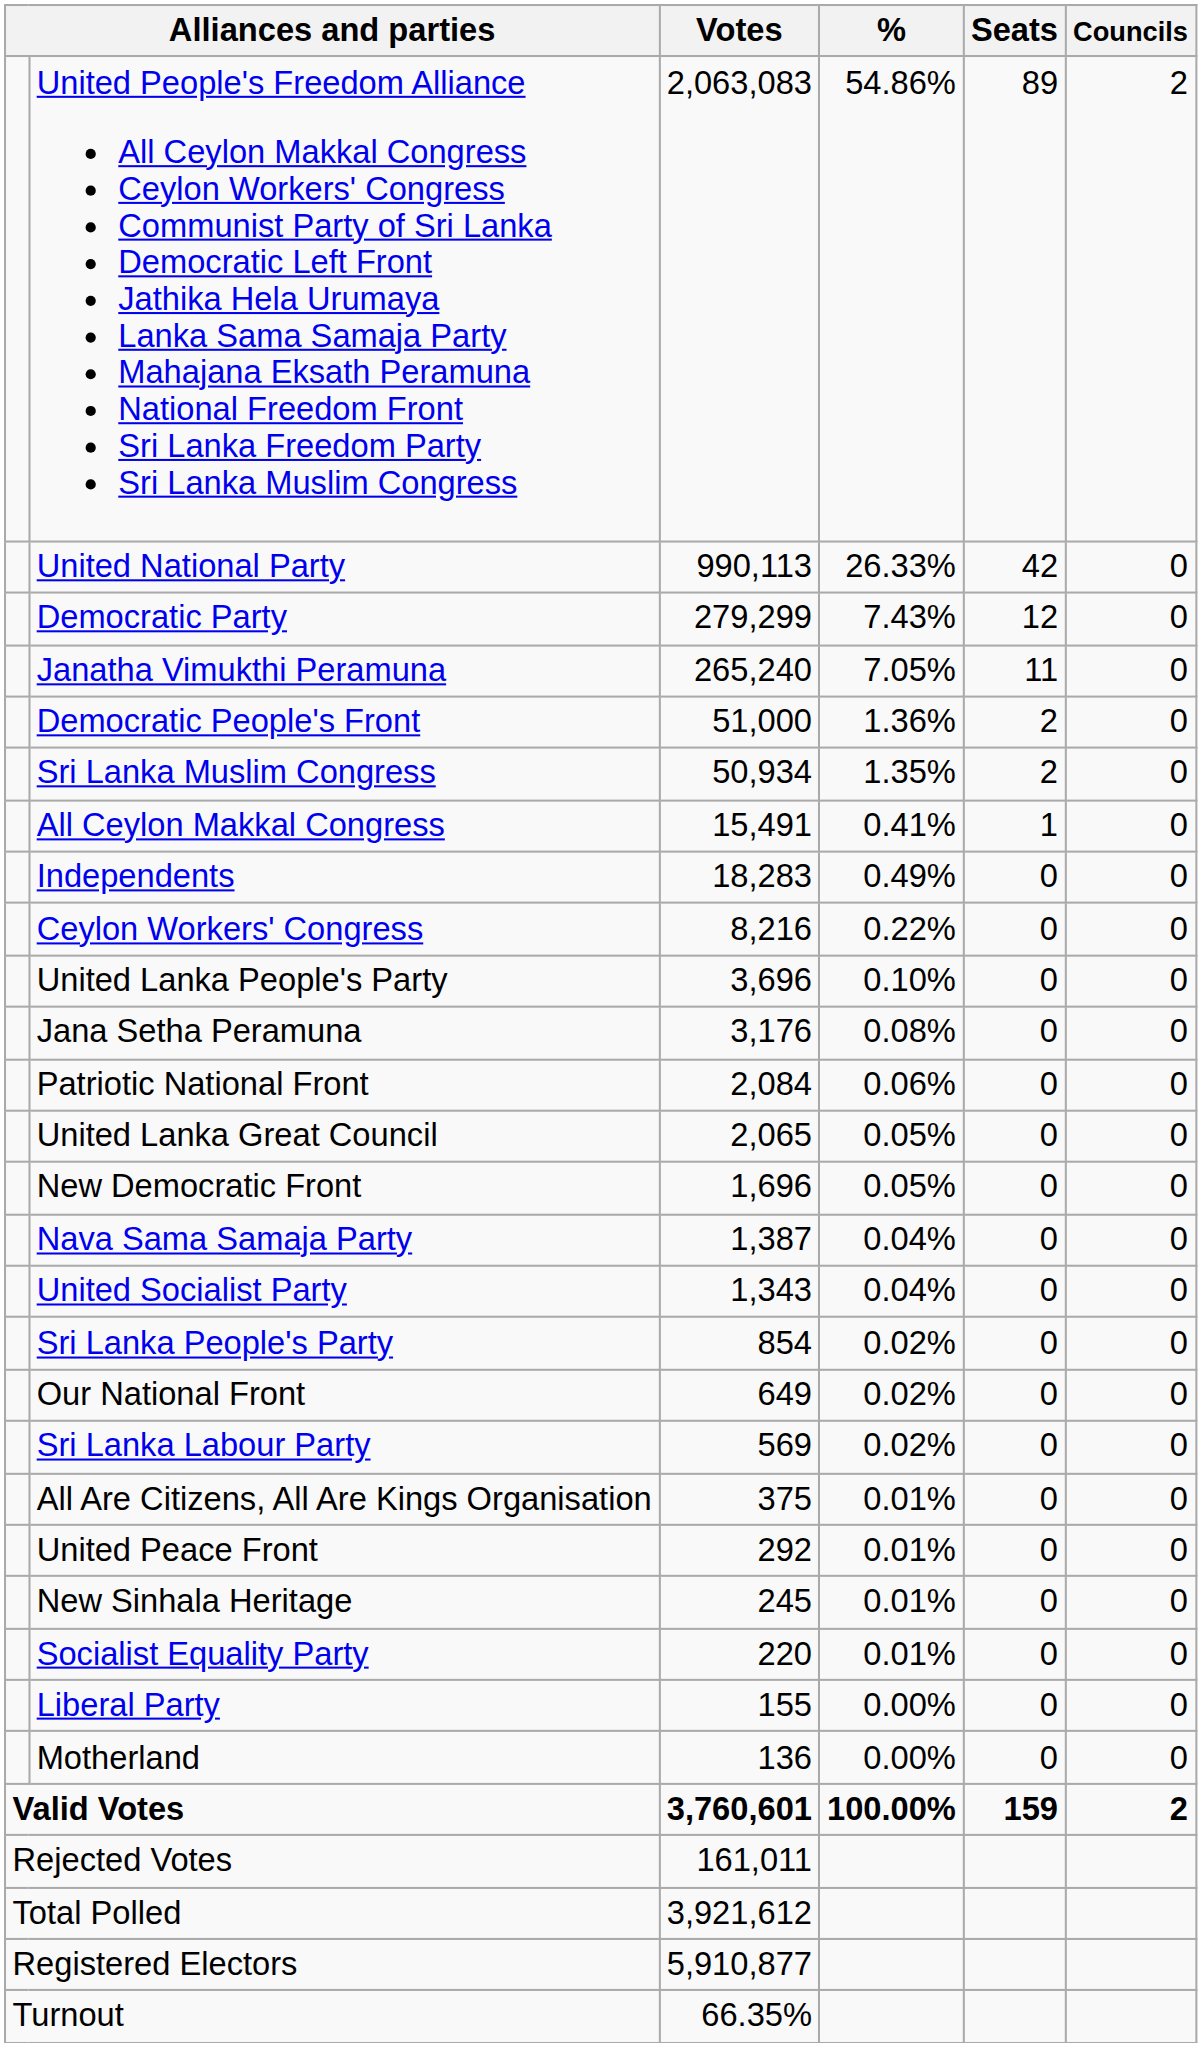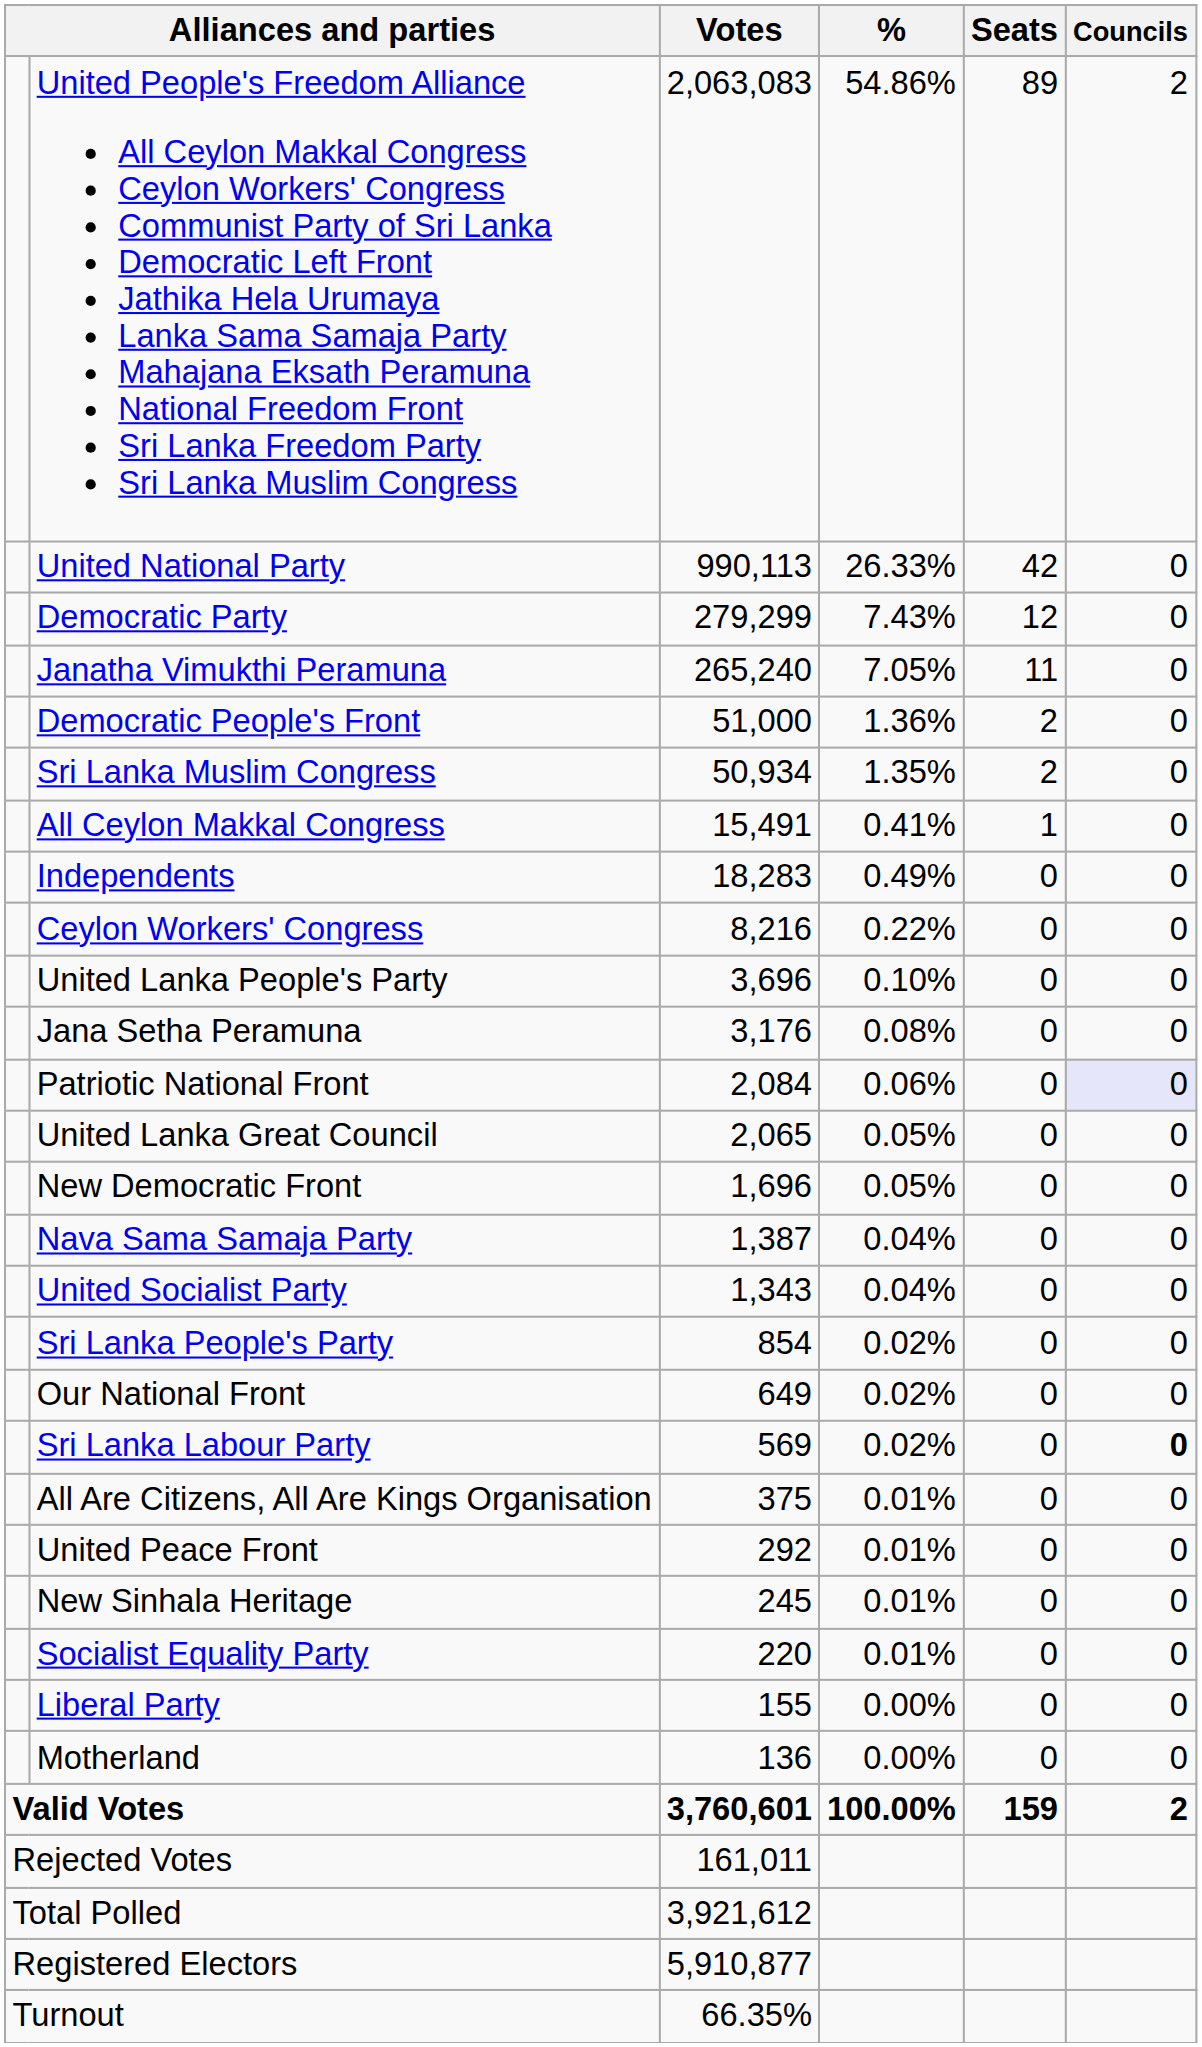 <table class="wikitable" border="1" style="text-align:right;">
 <tr>
 <th colspan=2>Alliances and parties</th>
 <th width="60">Votes</th>
 <th width="50">%</th>
 <th>Seats</th>
 <th><small>Councils</small></th>
 </tr>
 <tr valign=top>
 <td bgcolor=> </td>
 <td align=left><a href='#'>United People's Freedom Alliance</a><br><ul><li><a href='#'>All Ceylon Makkal Congress</a></li><li><a href='#'>Ceylon Workers' Congress</a></li><li><a href='#'>Communist Party of Sri Lanka</a></li><li><a href='#'>Democratic Left Front</a></li><li><a href='#'>Jathika Hela Urumaya</a></li><li><a href='#'>Lanka Sama Samaja Party</a></li><li><a href='#'>Mahajana Eksath Peramuna</a></li><li><a href='#'>National Freedom Front</a></li><li><a href='#'>Sri Lanka Freedom Party</a></li><li><a href='#'>Sri Lanka Muslim Congress</a></li></ul></td>
 <td>2,063,083</td>
 <td>54.86%</td>
 <td>89</td>
 <td>2</td>
 </tr>
 <tr>
 <td bgcolor=> </td>
 <td align=left><a href='#'>United National Party</a></td>
 <td>990,113</td>
 <td>26.33%</td>
 <td>42</td>
 <td>0</td>
 </tr>
 <tr>
 <td bgcolor=> </td>
 <td align=left><a href='#'>Democratic Party</a></td>
 <td>279,299</td>
 <td>7.43%</td>
 <td>12</td>
 <td>0</td>
 </tr>
 <tr>
 <td bgcolor=> </td>
 <td align=left><a href='#'>Janatha Vimukthi Peramuna</a></td>
 <td>265,240</td>
 <td>7.05%</td>
 <td>11</td>
 <td>0</td>
 </tr>
 <tr>
 <td bgcolor=> </td>
 <td align=left><a href='#'>Democratic People's Front</a></td>
 <td>51,000</td>
 <td>1.36%</td>
 <td>2</td>
 <td>0</td>
 </tr>
 <tr>
 <td bgcolor=> </td>
 <td align=left><a href='#'>Sri Lanka Muslim Congress</a></td>
 <td>50,934</td>
 <td>1.35%</td>
 <td>2</td>
 <td>0</td>
 </tr>
 <tr>
 <td bgcolor=> </td>
 <td align=left><a href='#'>All Ceylon Makkal Congress</a></td>
 <td>15,491</td>
 <td>0.41%</td>
 <td>1</td>
 <td>0</td>
 </tr>
 <tr>
 <td bgcolor=> </td>
 <td align=left><a href='#'>Independents</a></td>
 <td>18,283</td>
 <td>0.49%</td>
 <td>0</td>
 <td>0</td>
 </tr>
 <tr>
 <td bgcolor=> </td>
 <td align=left><a href='#'>Ceylon Workers' Congress</a></td>
 <td>8,216</td>
 <td>0.22%</td>
 <td>0</td>
 <td>0</td>
 </tr>
 <tr>
 <td></td>
 <td align=left>United Lanka People's Party</td>
 <td>3,696</td>
 <td>0.10%</td>
 <td>0</td>
 <td>0</td>
 </tr>
 <tr>
 <td></td>
 <td align=left>Jana Setha Peramuna</td>
 <td>3,176</td>
 <td>0.08%</td>
 <td>0</td>
 <td>0</td>
 </tr>
 <tr>
 <td></td>
 <td align=left>Patriotic National Front</td>
 <td>2,084</td>
 <td>0.06%</td>
 <td>0</td>
-<td>0</td>
+<td style="background: lavender;">0</td>
 </tr>
 <tr>
 <td></td>
 <td align=left>United Lanka Great Council</td>
 <td>2,065</td>
 <td>0.05%</td>
 <td>0</td>
 <td>0</td>
 </tr>
 <tr>
 <td></td>
 <td align=left>New Democratic Front</td>
 <td>1,696</td>
 <td>0.05%</td>
 <td>0</td>
 <td>0</td>
 </tr>
 <tr>
 <td bgcolor=> </td>
 <td align=left><a href='#'>Nava Sama Samaja Party</a></td>
 <td>1,387</td>
 <td>0.04%</td>
 <td>0</td>
 <td>0</td>
 </tr>
 <tr>
 <td bgcolor=> </td>
 <td align=left><a href='#'>United Socialist Party</a></td>
 <td>1,343</td>
 <td>0.04%</td>
 <td>0</td>
 <td>0</td>
 </tr>
 <tr>
 <td></td>
 <td align=left><a href='#'>Sri Lanka People's Party</a></td>
 <td>854</td>
 <td>0.02%</td>
 <td>0</td>
 <td>0</td>
 </tr>
 <tr>
 <td></td>
 <td align=left>Our National Front</td>
 <td>649</td>
 <td>0.02%</td>
 <td>0</td>
 <td>0</td>
 </tr>
 <tr>
 <td></td>
 <td align=left><a href='#'>Sri Lanka Labour Party</a></td>
 <td>569</td>
 <td>0.02%</td>
 <td>0</td>
-<td>0</td>
+<td><strong>0</strong></td>
 </tr>
 <tr>
 <td></td>
 <td align=left>All Are Citizens, All Are Kings Organisation</td>
 <td>375</td>
 <td>0.01%</td>
 <td>0</td>
 <td>0</td>
 </tr>
 <tr>
 <td></td>
 <td align=left>United Peace Front</td>
 <td>292</td>
 <td>0.01%</td>
 <td>0</td>
 <td>0</td>
 </tr>
 <tr>
 <td></td>
 <td align=left>New Sinhala Heritage</td>
 <td>245</td>
 <td>0.01%</td>
 <td>0</td>
 <td>0</td>
 </tr>
 <tr>
 <td bgcolor=> </td>
 <td align=left><a href='#'>Socialist Equality Party</a></td>
 <td>220</td>
 <td>0.01%</td>
 <td>0</td>
 <td>0</td>
 </tr>
 <tr>
 <td></td>
 <td align=left><a href='#'>Liberal Party</a></td>
 <td>155</td>
 <td>0.00%</td>
 <td>0</td>
 <td>0</td>
 </tr>
 <tr>
 <td></td>
 <td align=left>Motherland</td>
 <td>136</td>
 <td>0.00%</td>
 <td>0</td>
 <td>0</td>
 </tr>
 <tr style="font-weight:bold">
 <td colspan=2 align=left>Valid Votes</td>
 <td>3,760,601</td>
 <td>100.00%</td>
 <td>159</td>
 <td>2</td>
 </tr>
 <tr>
 <td colspan=2 align=left>Rejected Votes</td>
 <td>161,011</td>
 <td></td>
 <td></td>
 <td></td>
 </tr>
 <tr>
 <td colspan=2 align=left>Total Polled</td>
 <td>3,921,612</td>
 <td></td>
 <td></td>
 <td></td>
 </tr>
 <tr>
 <td colspan=2 align=left>Registered Electors</td>
 <td>5,910,877</td>
 <td></td>
 <td></td>
 <td></td>
 </tr>
 <tr>
 <td colspan=2 align=left>Turnout</td>
 <td>66.35%</td>
 <td></td>
 <td></td>
 <td></td>
 </tr>
 </table>
